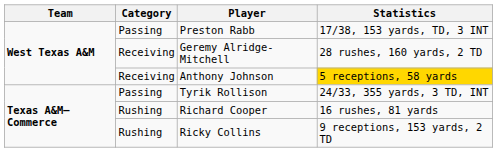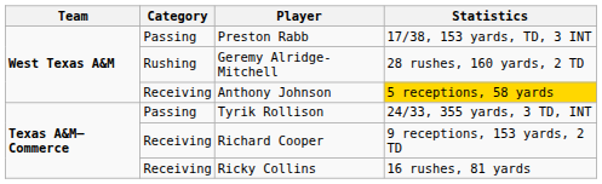 <table class="wikitable" style="float: left;">
 <tr>
 <th>Team</th>
 <th>Category</th>
 <th>Player</th>
 <th>Statistics</th>
 </tr>
 <tr>
 <td rowspan=3><strong>West Texas A&M</strong></td>
 <td>Passing</td>
 <td>Preston Rabb</td>
 <td>17/38, 153 yards, TD, 3 INT</td>
 </tr>
 <tr>
-<td>Receiving</td>
+<td>Rushing</td>
 <td>Geremy Alridge-Mitchell</td>
 <td>28 rushes, 160 yards, 2 TD</td>
 </tr>
 <tr>
 <td>Receiving</td>
 <td>Anthony Johnson</td>
 <td style="background: gold;">5 receptions, 58 yards</td>
 </tr>
 <tr>
 <td rowspan=3><strong>Texas A&M–Commerce</strong></td>
 <td>Passing</td>
 <td>Tyrik Rollison</td>
 <td>24/33, 355 yards, 3 TD, INT</td>
 </tr>
 <tr>
-<td>Rushing</td>
+<td>Receiving</td>
 <td>Richard Cooper</td>
+<td>9 receptions, 153 yards, 2 TD</td>
+</tr>
+<tr>
+<td>Receiving</td>
+<td>Ricky Collins</td>
 <td>16 rushes, 81 yards</td>
 </tr>
-<tr>
-<td>Rushing</td>
-<td>Ricky Collins</td>
-<td>9 receptions, 153 yards, 2 TD</td>
-</tr>
 </table>
